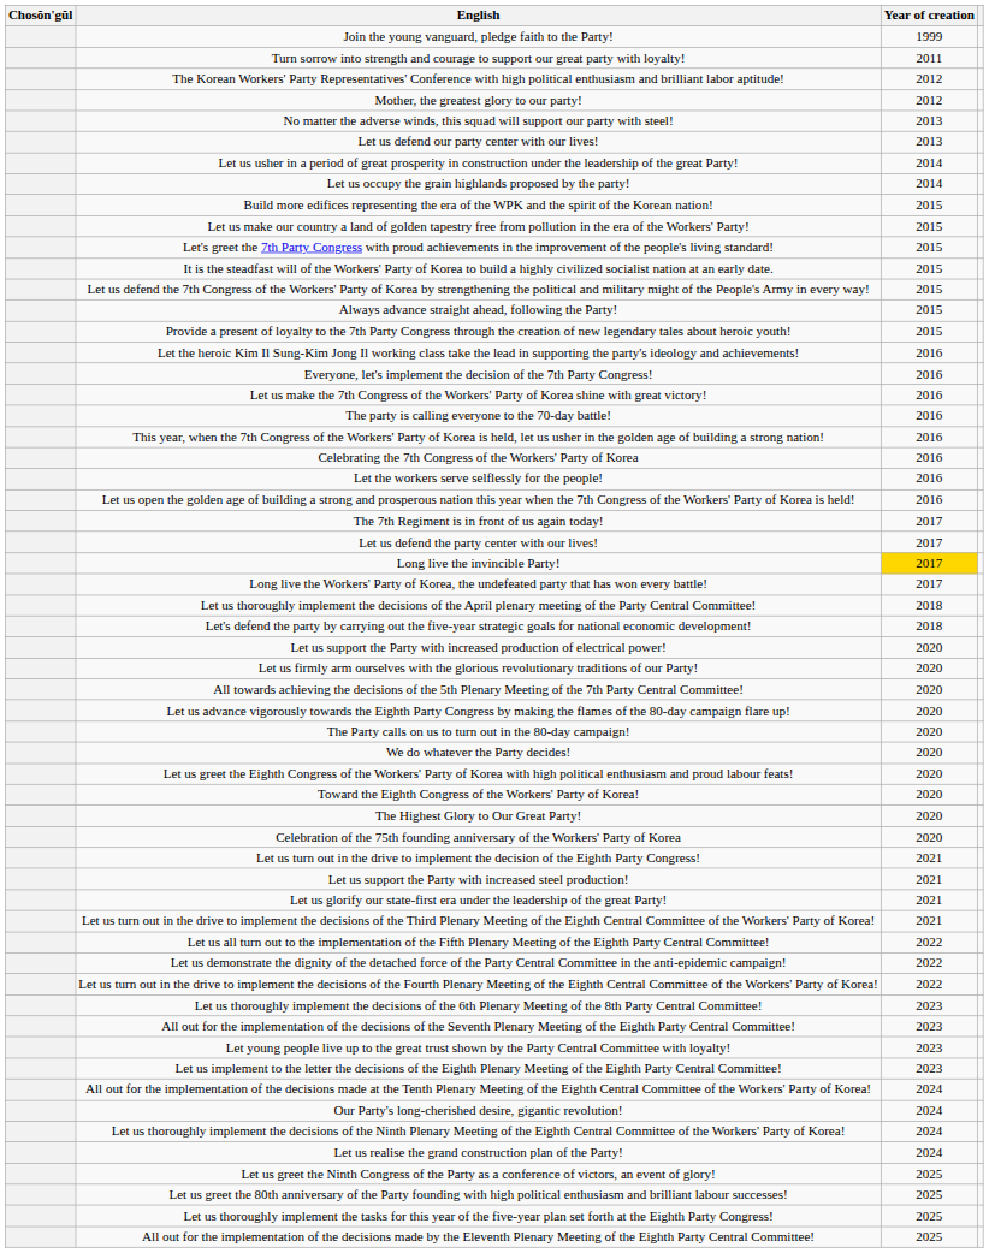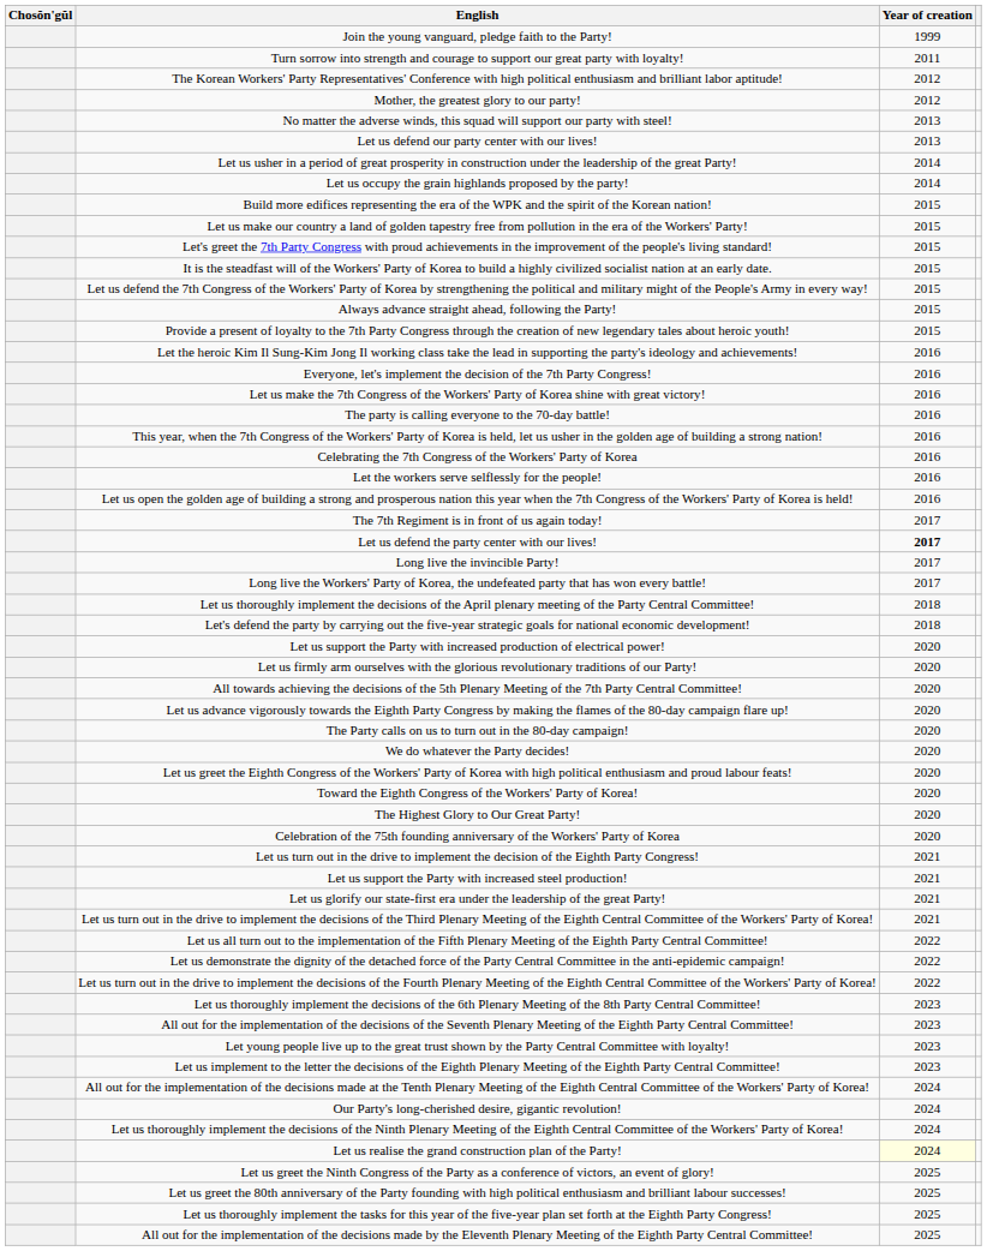 <table class="wikitable sortable" style="text-align: center;">
 <tr>
 <th scope="col">Chosŏn'gŭl</th>
 <th scope="col">English</th>
 <th scope="col">Year of creation</th>
 <th scope="col" class="unsortable"></th>
 </tr>
 <tr>
 <th scope="row"></th>
 <td>Join the young vanguard, pledge faith to the Party!</td>
 <td>1999</td>
 <td></td>
 </tr>
 <tr>
 <th scope="row"></th>
 <td>Turn sorrow into strength and courage to support our great party with loyalty!</td>
 <td>2011</td>
 <td></td>
 </tr>
 <tr>
 <th scope="row"></th>
 <td>The Korean Workers' Party Representatives' Conference with high political enthusiasm and brilliant labor aptitude!</td>
 <td>2012</td>
 <td></td>
 </tr>
 <tr>
 <th scope="row"></th>
 <td>Mother, the greatest glory to our party!</td>
 <td>2012</td>
 <td></td>
 </tr>
 <tr>
 <th scope="row"></th>
 <td>No matter the adverse winds, this squad will support our party with steel!</td>
 <td>2013</td>
 <td></td>
 </tr>
 <tr>
 <th scope="row"></th>
 <td>Let us defend our party center with our lives!</td>
 <td>2013</td>
 <td></td>
 </tr>
 <tr>
 <th scope="row"></th>
 <td>Let us usher in a period of great prosperity in construction under the leadership of the great Party!</td>
 <td>2014</td>
 <td></td>
 </tr>
 <tr>
 <th scope="row"></th>
 <td>Let us occupy the grain highlands proposed by the party!</td>
 <td>2014</td>
 <td></td>
 </tr>
 <tr>
 <th scope="row"></th>
 <td>Build more edifices representing the era of the WPK and the spirit of the Korean nation!</td>
 <td>2015</td>
 <td></td>
 </tr>
 <tr>
 <th scope="row"></th>
 <td>Let us make our country a land of golden tapestry free from pollution in the era of the Workers' Party!</td>
 <td>2015</td>
 <td></td>
 </tr>
 <tr>
 <th scope="row"></th>
 <td>Let's greet the <a href='#'>7th Party Congress</a> with proud achievements in the improvement of the people's living standard!</td>
 <td>2015</td>
 <td></td>
 </tr>
 <tr>
 <th scope="row"></th>
 <td>It is the steadfast will of the Workers' Party of Korea to build a highly civilized socialist nation at an early date.</td>
 <td>2015</td>
 <td></td>
 </tr>
 <tr>
 <th scope="row"></th>
 <td>Let us defend the 7th Congress of the Workers' Party of Korea by strengthening the political and military might of the People's Army in every way!</td>
 <td>2015</td>
 <td></td>
 </tr>
 <tr>
 <th scope="row"></th>
 <td>Always advance straight ahead, following the Party!</td>
 <td>2015</td>
 <td></td>
 </tr>
 <tr>
 <th scope="row"></th>
 <td>Provide a present of loyalty to the 7th Party Congress through the creation of new legendary tales about heroic youth!</td>
 <td>2015</td>
 <td></td>
 </tr>
 <tr>
 <th scope="row"></th>
 <td>Let the heroic Kim Il Sung-Kim Jong Il working class take the lead in supporting the party's ideology and achievements!</td>
 <td>2016</td>
 <td></td>
 </tr>
 <tr>
 <th scope="row"></th>
 <td>Everyone, let's implement the decision of the 7th Party Congress!</td>
 <td>2016</td>
 <td></td>
 </tr>
 <tr>
 <th scope="row"></th>
 <td>Let us make the 7th Congress of the Workers' Party of Korea shine with great victory!</td>
 <td>2016</td>
 <td></td>
 </tr>
 <tr>
 <th scope="row"></th>
 <td>The party is calling everyone to the 70-day battle!</td>
 <td>2016</td>
 <td></td>
 </tr>
 <tr>
 <th scope="row"></th>
 <td>This year, when the 7th Congress of the Workers' Party of Korea is held, let us usher in the golden age of building a strong nation!</td>
 <td>2016</td>
 <td></td>
 </tr>
 <tr>
 <th scope="row"></th>
 <td>Celebrating the 7th Congress of the Workers' Party of Korea</td>
 <td>2016</td>
 <td></td>
 </tr>
 <tr>
 <th scope="row"></th>
 <td>Let the workers serve selflessly for the people!</td>
 <td>2016</td>
 <td></td>
 </tr>
 <tr>
 <th scope="row"></th>
 <td>Let us open the golden age of building a strong and prosperous nation this year when the 7th Congress of the Workers' Party of Korea is held!</td>
 <td>2016</td>
 <td></td>
 </tr>
 <tr>
 <th scope="row"></th>
 <td>The 7th Regiment is in front of us again today!</td>
 <td>2017</td>
 <td></td>
 </tr>
 <tr>
 <th scope="row"></th>
 <td>Let us defend the party center with our lives!</td>
-<td>2017</td>
+<td><strong>2017</strong></td>
 <td></td>
 </tr>
 <tr>
 <th scope="row"></th>
 <td>Long live the invincible Party!</td>
-<td style="background: gold;">2017</td>
+<td>2017</td>
 <td></td>
 </tr>
 <tr>
 <th scope="row"></th>
 <td>Long live the Workers' Party of Korea, the undefeated party that has won every battle!</td>
 <td>2017</td>
 <td></td>
 </tr>
 <tr>
 <th scope="row"></th>
 <td>Let us thoroughly implement the decisions of the April plenary meeting of the Party Central Committee!</td>
 <td>2018</td>
 <td></td>
 </tr>
 <tr>
 <th scope="row"></th>
 <td>Let's defend the party by carrying out the five-year strategic goals for national economic development!</td>
 <td>2018</td>
 <td></td>
 </tr>
 <tr>
 <th scope="row"></th>
 <td>Let us support the Party with increased production of electrical power!</td>
 <td>2020</td>
 <td></td>
 </tr>
 <tr>
 <th scope="row"></th>
 <td>Let us firmly arm ourselves with the glorious revolutionary traditions of our Party!</td>
 <td>2020</td>
 <td></td>
 </tr>
 <tr>
 <th scope="row"></th>
 <td>All towards achieving the decisions of the 5th Plenary Meeting of the 7th Party Central Committee!</td>
 <td>2020</td>
 <td></td>
 </tr>
 <tr>
 <th scope="row"></th>
 <td>Let us advance vigorously towards the Eighth Party Congress by making the flames of the 80-day campaign flare up!</td>
 <td>2020</td>
 <td></td>
 </tr>
 <tr>
 <th scope="row"></th>
 <td>The Party calls on us to turn out in the 80-day campaign!</td>
 <td>2020</td>
 <td></td>
 </tr>
 <tr>
 <th scope="row"></th>
 <td>We do whatever the Party decides!</td>
 <td>2020</td>
 <td></td>
 </tr>
 <tr>
 <th scope="row"></th>
 <td>Let us greet the Eighth Congress of the Workers' Party of Korea with high political enthusiasm and proud labour feats!</td>
 <td>2020</td>
 <td></td>
 </tr>
 <tr>
 <th scope="row"></th>
 <td>Toward the Eighth Congress of the Workers' Party of Korea!</td>
 <td>2020</td>
 <td></td>
 </tr>
 <tr>
 <th scope="row"></th>
 <td>The Highest Glory to Our Great Party!</td>
 <td>2020</td>
 <td></td>
 </tr>
 <tr>
 <th scope="row"></th>
 <td>Celebration of the 75th founding anniversary of the Workers' Party of Korea</td>
 <td>2020</td>
 <td></td>
 </tr>
 <tr>
 <th scope="row"></th>
 <td>Let us turn out in the drive to implement the decision of the Eighth Party Congress!</td>
 <td>2021</td>
 <td></td>
 </tr>
 <tr>
 <th scope="row"></th>
 <td>Let us support the Party with increased steel production!</td>
 <td>2021</td>
 <td></td>
 </tr>
 <tr>
 <th scope="row"></th>
 <td>Let us glorify our state-first era under the leadership of the great Party!</td>
 <td>2021</td>
 <td></td>
 </tr>
 <tr>
 <th scope="row"></th>
 <td>Let us turn out in the drive to implement the decisions of the Third Plenary Meeting of the Eighth Central Committee of the Workers' Party of Korea!</td>
 <td>2021</td>
 <td></td>
 </tr>
 <tr>
 <th scope="row"></th>
 <td>Let us all turn out to the implementation of the Fifth Plenary Meeting of the Eighth Party Central Committee!</td>
 <td>2022</td>
 <td></td>
 </tr>
 <tr>
 <th scope="row"></th>
 <td>Let us demonstrate the dignity of the detached force of the Party Central Committee in the anti-epidemic campaign!</td>
 <td>2022</td>
 <td></td>
 </tr>
 <tr>
 <th scope="row"></th>
 <td>Let us turn out in the drive to implement the decisions of the Fourth Plenary Meeting of the Eighth Central Committee of the Workers' Party of Korea!</td>
 <td>2022</td>
 <td></td>
 </tr>
 <tr>
 <th scope="row"></th>
 <td>Let us thoroughly implement the decisions of the 6th Plenary Meeting of the 8th Party Central Committee!</td>
 <td>2023</td>
 <td></td>
 </tr>
 <tr>
 <th scope="row"></th>
 <td>All out for the implementation of the decisions of the Seventh Plenary Meeting of the Eighth Party Central Committee!</td>
 <td>2023</td>
 <td></td>
 </tr>
 <tr>
 <th scope="row"></th>
 <td>Let young people live up to the great trust shown by the Party Central Committee with loyalty!</td>
 <td>2023</td>
 <td></td>
 </tr>
 <tr>
 <th scope="row"></th>
 <td>Let us implement to the letter the decisions of the Eighth Plenary Meeting of the Eighth Party Central Committee!</td>
 <td>2023</td>
 <td></td>
 </tr>
 <tr>
 <th scope="row"></th>
 <td>All out for the implementation of the decisions made at the Tenth Plenary Meeting of the Eighth Central Committee of the Workers' Party of Korea!</td>
 <td>2024</td>
 <td></td>
 </tr>
 <tr>
 <th scope="row"></th>
 <td>Our Party's long-cherished desire, gigantic revolution!</td>
 <td>2024</td>
 <td></td>
 </tr>
 <tr>
 <th scope="row"></th>
 <td>Let us thoroughly implement the decisions of the Ninth Plenary Meeting of the Eighth Central Committee of the Workers' Party of Korea!</td>
 <td>2024</td>
 <td></td>
 </tr>
 <tr>
 <th scope="row"></th>
 <td>Let us realise the grand construction plan of the Party!</td>
-<td>2024</td>
+<td style="background: lightyellow;">2024</td>
 <td></td>
 </tr>
 <tr>
 <th scope="row"></th>
 <td>Let us greet the Ninth Congress of the Party as a conference of victors, an event of glory!</td>
 <td>2025</td>
 <td></td>
 </tr>
 <tr>
 <th scope="row"></th>
 <td>Let us greet the 80th anniversary of the Party founding with high political enthusiasm and brilliant labour successes!</td>
 <td>2025</td>
 <td></td>
 </tr>
 <tr>
 <th scope="row"></th>
 <td>Let us thoroughly implement the tasks for this year of the five-year plan set forth at the Eighth Party Congress!</td>
 <td>2025</td>
 <td></td>
 </tr>
 <tr>
 <th scope="row"></th>
 <td>All out for the implementation of the decisions made by the Eleventh Plenary Meeting of the Eighth Party Central Committee!</td>
 <td>2025</td>
 <td></td>
 </tr>
 </table>
